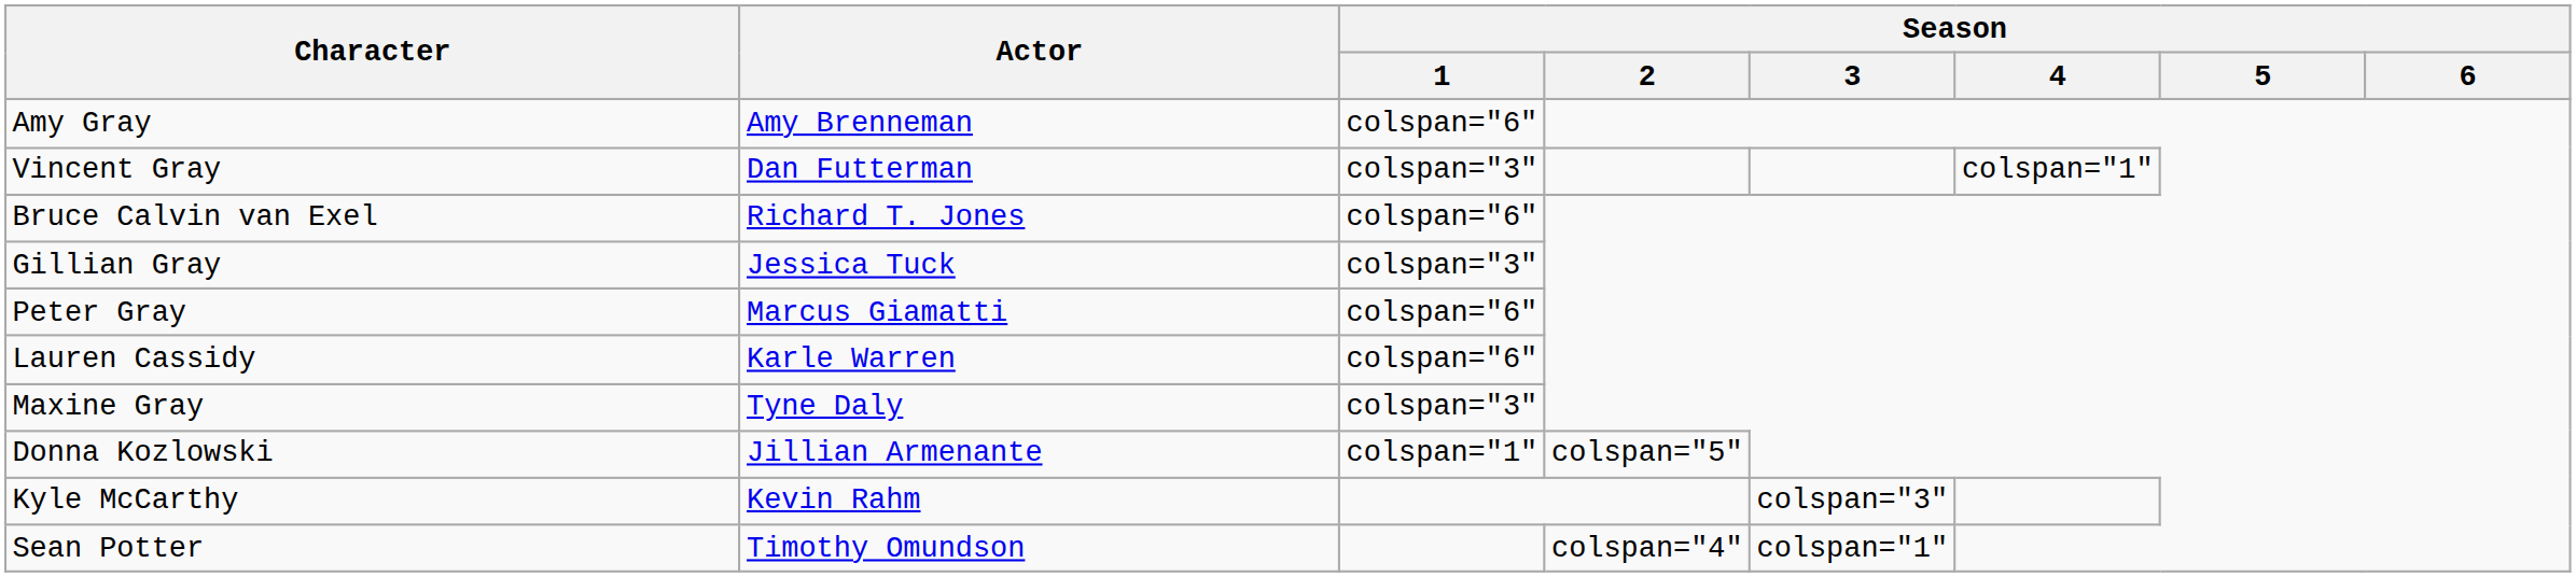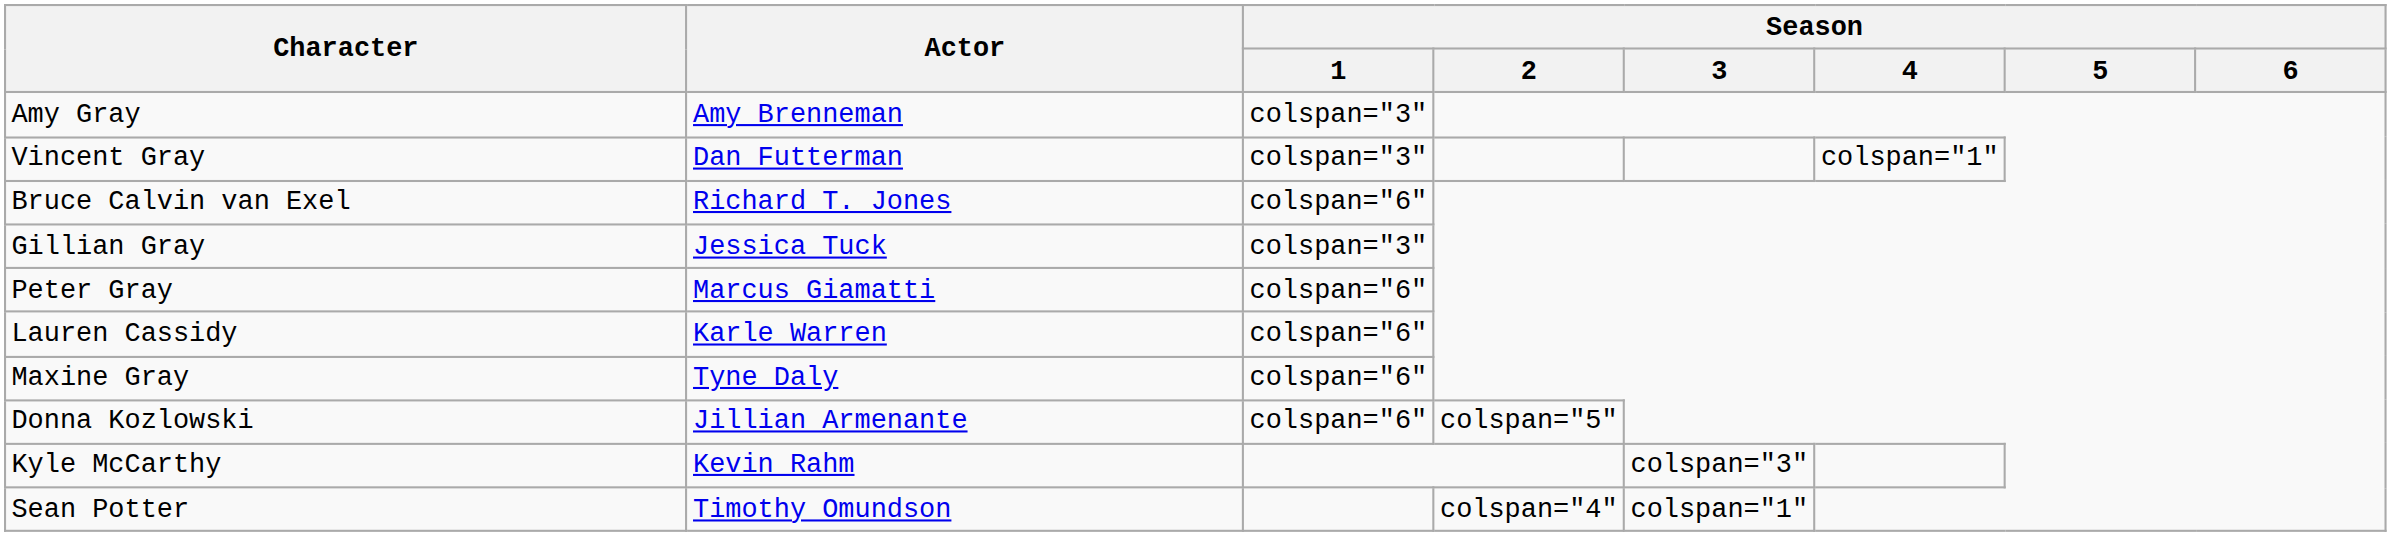 <table class="wikitable">
 <tr>
 <th rowspan=2>Character</th>
 <th rowspan=2>Actor</th>
 <th colspan=6>Season</th>
 </tr>
 <tr>
 <th style="width:8%;">1</th>
 <th style="width:8%;">2</th>
 <th style="width:8%;">3</th>
 <th style="width:8%;">4</th>
 <th style="width:8%;">5</th>
 <th style="width:8%;">6</th>
 </tr>
 <tr>
 <td>Amy Gray</td>
 <td><a href='#'>Amy Brenneman</a></td>
-<td>colspan="6" </td>
+<td>colspan="3" </td>
 </tr>
 <tr>
 <td>Vincent Gray</td>
 <td><a href='#'>Dan Futterman</a></td>
 <td>colspan="3" </td>
 <td></td>
 <td></td>
 <td>colspan="1" </td>
 </tr>
 <tr>
 <td>Bruce Calvin van Exel</td>
 <td><a href='#'>Richard T. Jones</a></td>
 <td>colspan="6" </td>
 </tr>
 <tr>
 <td>Gillian Gray</td>
 <td><a href='#'>Jessica Tuck</a></td>
 <td>colspan="3" </td>
 </tr>
 <tr>
 <td>Peter Gray</td>
 <td><a href='#'>Marcus Giamatti</a></td>
 <td>colspan="6" </td>
 </tr>
 <tr>
 <td>Lauren Cassidy</td>
 <td><a href='#'>Karle Warren</a></td>
 <td>colspan="6" </td>
 </tr>
 <tr>
 <td>Maxine Gray</td>
 <td><a href='#'>Tyne Daly</a></td>
-<td>colspan="3" </td>
+<td>colspan="6" </td>
 </tr>
 <tr>
 <td>Donna Kozlowski</td>
 <td><a href='#'>Jillian Armenante</a></td>
-<td>colspan="1" </td>
+<td>colspan="6" </td>
 <td>colspan="5" </td>
 </tr>
 <tr>
 <td>Kyle McCarthy</td>
 <td><a href='#'>Kevin Rahm</a></td>
 <td colspan="2"></td>
 <td>colspan="3" </td>
 <td></td>
 </tr>
 <tr>
 <td>Sean Potter</td>
 <td><a href='#'>Timothy Omundson</a></td>
 <td></td>
 <td>colspan="4" </td>
 <td>colspan="1" </td>
 </tr>
 </table>
